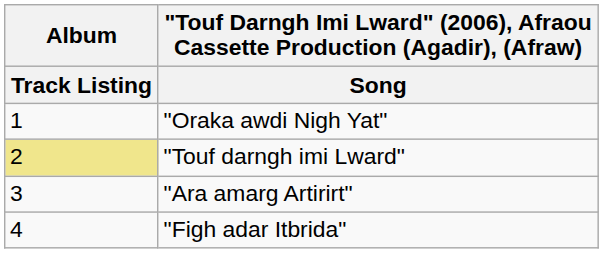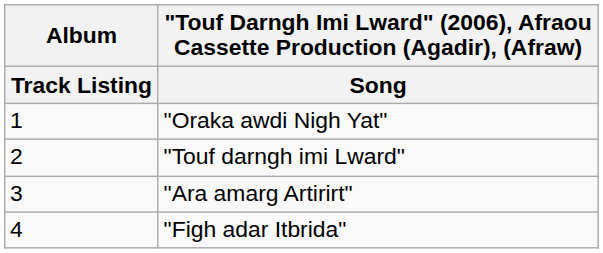 <table class="wikitable">
 <tr>
 <th>Album</th>
 <th>"Touf Darngh Imi Lward" (2006), Afraou Cassette Production (Agadir), (Afraw)</th>
 </tr>
 <tr>
 <th width="100pt">Track Listing</th>
 <th width="300pt">Song</th>
 </tr>
 <tr>
 <td>1</td>
 <td>"Oraka awdi Nigh Yat"</td>
 </tr>
 <tr>
-<td style="background: khaki;">2</td>
+<td>2</td>
 <td>"Touf darngh imi Lward"</td>
 </tr>
 <tr>
 <td>3</td>
 <td>"Ara amarg Artirirt"</td>
 </tr>
 <tr>
 <td>4</td>
 <td>"Figh adar Itbrida"</td>
 </tr>
 </table>
